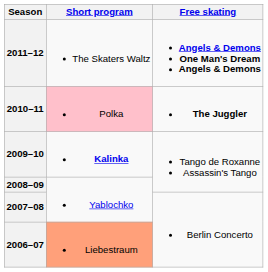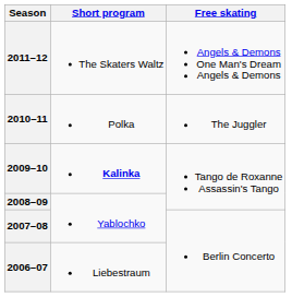 <table class="wikitable" style="text-align:center">
 <tr>
 <th>Season</th>
 <th><a href='#'>Short program</a></th>
 <th><a href='#'>Free skating</a></th>
 </tr>
 <tr>
 <th>2011–12 <br> </th>
 <td><br><ul><li>The Skaters Waltz <br> </li></ul></td>
-<td><strong><br><ul><li><a href='#'>Angels & Demons</a> <br></li><li>One Man's Dream <br></li><li>Angels & Demons</li></ul></strong></td>
+<td><br><ul><li><a href='#'>Angels & Demons</a> <br></li><li>One Man's Dream <br></li><li>Angels & Demons</li></ul></td>
 </tr>
 <tr>
 <th>2010–11 <br> </th>
-<td style="background: pink;"><br><ul><li>Polka <br> </li></ul></td>
-<td><strong><br><ul><li>The Juggler <br></li></ul></strong></td>
+<td><br><ul><li>Polka <br> </li></ul></td>
+<td><br><ul><li>The Juggler <br></li></ul></td>
 </tr>
 <tr>
 <th>2009–10 <br> </th>
 <td><strong><br><ul><li><a href='#'>Kalinka</a></li></ul></strong></td>
 <td rowspan="2"><br><ul><li>Tango de Roxanne <br></li><li>Assassin's Tango<br></li></ul></td>
 </tr>
 <tr>
 <th>2008–09 <br> </th>
 <td rowspan="2"><br><ul><li><a href='#'>Yablochko</a> <br></li></ul></td>
 </tr>
 <tr>
 <th>2007–08 <br> </th>
 <td rowspan="2"><br><ul><li>Berlin Concerto</li></ul></td>
 </tr>
 <tr>
 <th>2006–07 <br> </th>
-<td style="background: lightsalmon;"><br><ul><li>Liebestraum <br></li></ul></td>
+<td><br><ul><li>Liebestraum <br></li></ul></td>
 </tr>
 </table>
